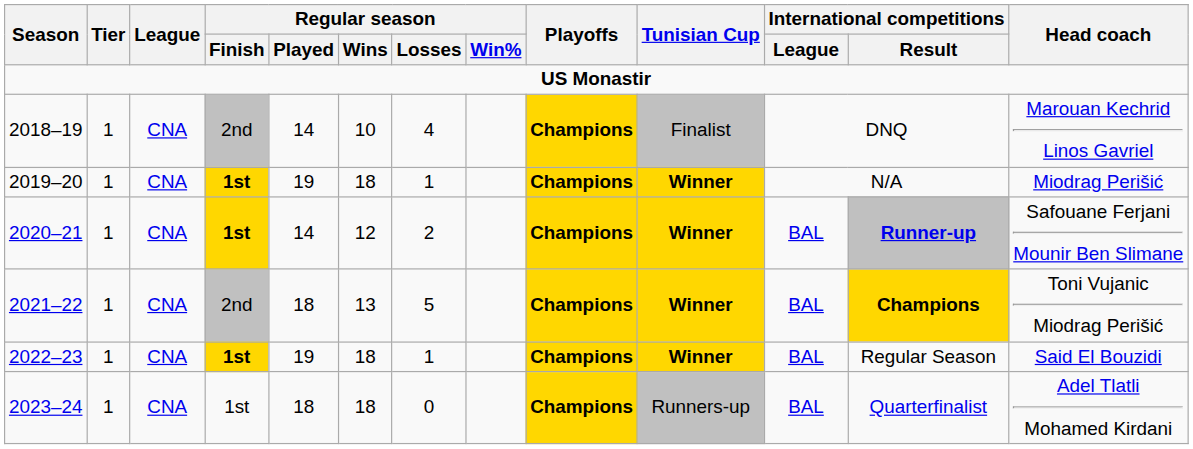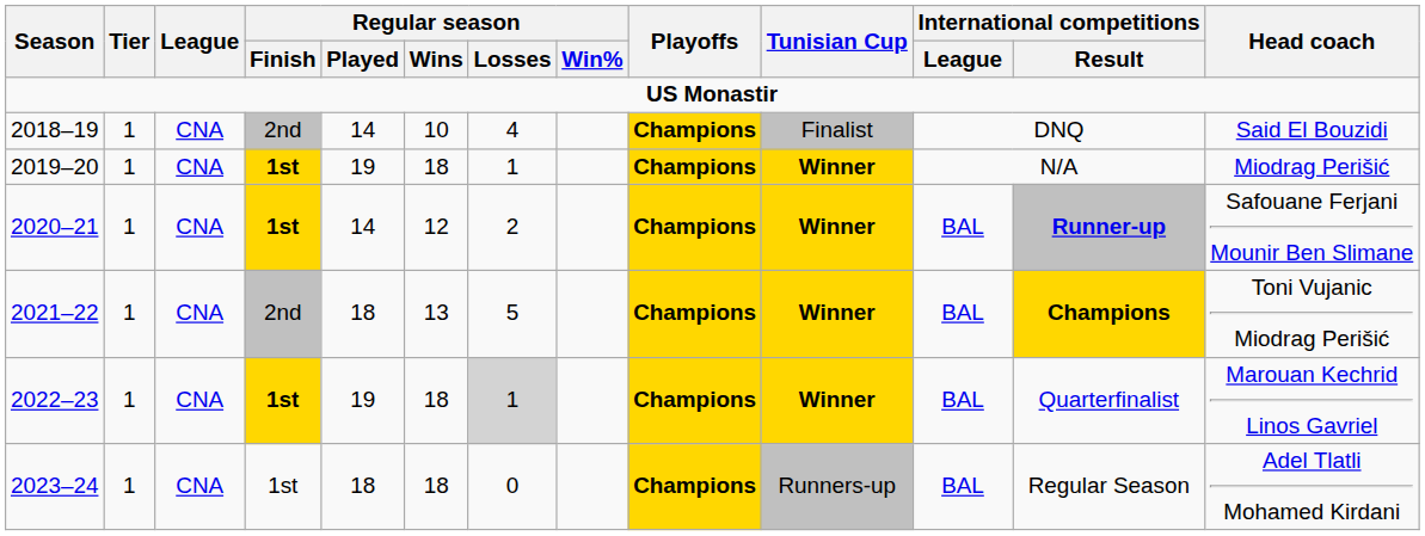 <table class="wikitable plainrowheaders" style="text-align:center; font-size:100%" summary="Season (sortable), Team, Conference, Conference finish (sortable), Division, Division finish (sortable), Wins (sortable), Losses (sortable), Win% (sortable), GB (sortable), Playoffs, Awards and Head coach">
 <tr>
 <th scope="col" rowspan=2>Season</th>
 <th scope="col" rowspan=2>Tier</th>
 <th scope="col" rowspan=2>League</th>
 <th scope="col" colspan=5>Regular season</th>
 <th scope="col" rowspan=2>Playoffs</th>
 <th scope="col" rowspan=2><a href='#'>Tunisian Cup</a></th>
 <th scope="col" colspan=2>International competitions</th>
 <th scope="col" rowspan=2>Head coach</th>
 </tr>
 <tr>
 <th scope="col">Finish</th>
 <th scope="col">Played</th>
 <th scope="col">Wins</th>
 <th scope="col">Losses</th>
 <th scope="col"><a href='#'>Win%</a></th>
 <th scope="col">League</th>
 <th scope="col">Result</th>
 </tr>
 <tr class="sortbottom">
 <td colspan="14" class=unsortable align=center><span><strong>US Monastir</strong></span></td>
 </tr>
 <tr>
 <td>2018–19</td>
 <td>1</td>
 <td><a href='#'>CNA</a></td>
 <td bgcolor=silver>2nd</td>
 <td>14</td>
 <td>10</td>
 <td>4</td>
 <td></td>
 <td bgcolor=gold><strong>Champions</strong></td>
 <td bgcolor=silver>Finalist</td>
 <td colspan=2>DNQ</td>
-<td><a href='#'>Marouan Kechrid</a><hr><a href='#'>Linos Gavriel</a></td>
+<td><a href='#'>Said El Bouzidi</a></td>
 </tr>
 <tr>
 <td>2019–20</td>
 <td>1</td>
 <td><a href='#'>CNA</a></td>
 <td bgcolor=gold><strong>1st</strong></td>
 <td>19</td>
 <td>18</td>
 <td>1</td>
 <td></td>
 <td bgcolor=gold><strong>Champions</strong></td>
 <td bgcolor=gold><strong>Winner</strong></td>
 <td colspan=2>N/A</td>
 <td><a href='#'>Miodrag Perišić</a></td>
 </tr>
 <tr>
 <td><a href='#'>2020–21</a></td>
 <td>1</td>
 <td><a href='#'>CNA</a></td>
 <td bgcolor=gold><strong>1st</strong></td>
 <td>14</td>
 <td>12</td>
 <td>2</td>
 <td></td>
 <td bgcolor=gold><strong>Champions</strong></td>
 <td bgcolor=gold><strong>Winner</strong></td>
 <td><a href='#'>BAL</a></td>
 <td bgcolor=silver><strong><a href='#'>Runner-up</a></strong></td>
 <td>Safouane Ferjani<hr><a href='#'>Mounir Ben Slimane</a></td>
 </tr>
 <tr>
 <td><a href='#'>2021–22</a></td>
 <td>1</td>
 <td><a href='#'>CNA</a></td>
 <td bgcolor=silver>2nd</td>
 <td>18</td>
 <td>13</td>
 <td>5</td>
 <td></td>
 <td bgcolor=gold><strong>Champions</strong></td>
 <td bgcolor=gold><strong>Winner</strong></td>
 <td><a href='#'>BAL</a></td>
 <td bgcolor=gold><strong>Champions</strong></td>
 <td>Toni Vujanic<hr>Miodrag Perišić</td>
 </tr>
 <tr>
 <td><a href='#'>2022–23</a></td>
 <td>1</td>
 <td><a href='#'>CNA</a></td>
 <td bgcolor=gold><strong>1st</strong></td>
 <td>19</td>
 <td>18</td>
-<td>1</td>
+<td style="background: lightgrey;">1</td>
 <td></td>
 <td bgcolor=gold><strong>Champions</strong></td>
 <td bgcolor=gold><strong>Winner</strong></td>
 <td><a href='#'>BAL</a></td>
-<td>Regular Season</td>
-<td><a href='#'>Said El Bouzidi</a></td>
+<td><a href='#'>Quarterfinalist</a></td>
+<td><a href='#'>Marouan Kechrid</a><hr><a href='#'>Linos Gavriel</a></td>
 </tr>
 <tr>
 <td><a href='#'>2023–24</a></td>
 <td>1</td>
 <td><a href='#'>CNA</a></td>
 <td>1st</td>
 <td>18</td>
 <td>18</td>
 <td>0</td>
 <td></td>
 <td bgcolor=gold><strong>Champions</strong></td>
 <td bgcolor=silver>Runners-up</td>
 <td><a href='#'>BAL</a></td>
-<td><a href='#'>Quarterfinalist</a></td>
+<td>Regular Season</td>
 <td><a href='#'>Adel Tlatli</a><hr>Mohamed Kirdani</td>
 </tr>
 </table>
